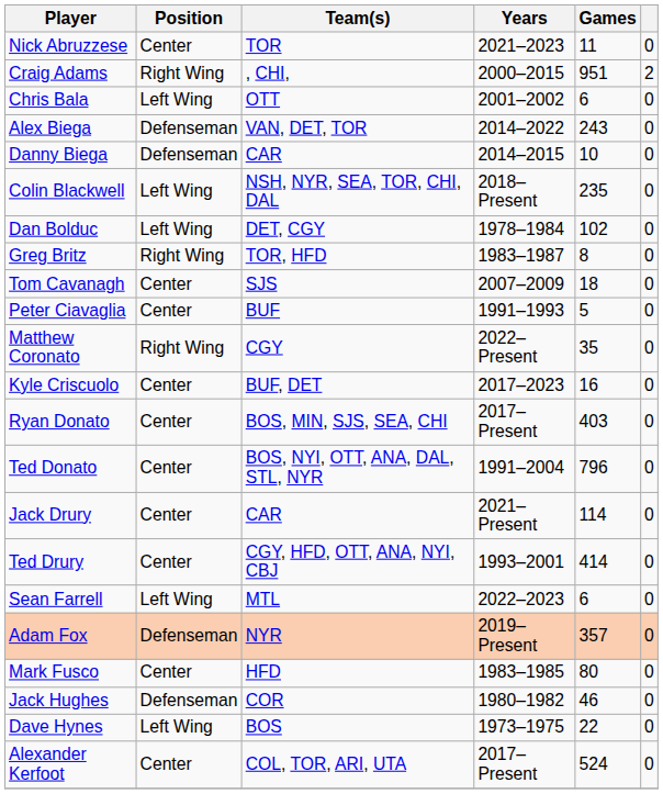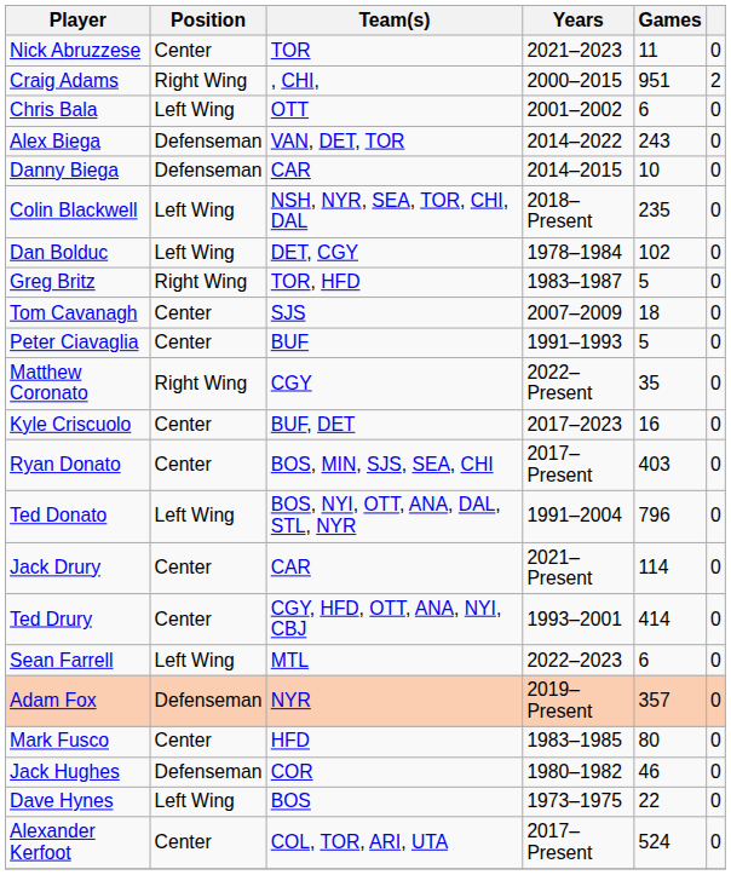 <table class="wikitable">
 <tr>
 <th>Player</th>
 <th>Position</th>
 <th>Team(s)</th>
 <th>Years</th>
 <th>Games</th>
 <th><a href='#'></a></th>
 </tr>
 <tr>
 <td><a href='#'>Nick Abruzzese</a></td>
 <td>Center</td>
 <td><a href='#'>TOR</a></td>
 <td>2021–2023</td>
 <td>11</td>
 <td>0</td>
 </tr>
 <tr>
 <td><a href='#'>Craig Adams</a></td>
 <td>Right Wing</td>
 <td><span><strong></strong></span>, <a href='#'>CHI</a>, <span><strong></strong></span></td>
 <td>2000–2015</td>
 <td>951</td>
 <td>2</td>
 </tr>
 <tr>
 <td><a href='#'>Chris Bala</a></td>
 <td>Left Wing</td>
 <td><a href='#'>OTT</a></td>
 <td>2001–2002</td>
 <td>6</td>
 <td>0</td>
 </tr>
 <tr>
 <td><a href='#'>Alex Biega</a></td>
 <td>Defenseman</td>
 <td><a href='#'>VAN</a>, <a href='#'>DET</a>, <a href='#'>TOR</a></td>
 <td>2014–2022</td>
 <td>243</td>
 <td>0</td>
 </tr>
 <tr>
 <td><a href='#'>Danny Biega</a></td>
 <td>Defenseman</td>
 <td><a href='#'>CAR</a></td>
 <td>2014–2015</td>
 <td>10</td>
 <td>0</td>
 </tr>
 <tr>
 <td><a href='#'>Colin Blackwell</a></td>
 <td>Left Wing</td>
 <td><a href='#'>NSH</a>, <a href='#'>NYR</a>, <a href='#'>SEA</a>, <a href='#'>TOR</a>, <a href='#'>CHI</a>, <a href='#'>DAL</a></td>
 <td>2018–Present</td>
 <td>235</td>
 <td>0</td>
 </tr>
 <tr>
 <td><a href='#'>Dan Bolduc</a></td>
 <td>Left Wing</td>
 <td><a href='#'>DET</a>, <a href='#'>CGY</a></td>
 <td>1978–1984</td>
 <td>102</td>
 <td>0</td>
 </tr>
 <tr>
 <td><a href='#'>Greg Britz</a></td>
 <td>Right Wing</td>
 <td><a href='#'>TOR</a>, <a href='#'>HFD</a></td>
 <td>1983–1987</td>
-<td>8</td>
+<td>5</td>
 <td>0</td>
 </tr>
 <tr>
 <td><a href='#'>Tom Cavanagh</a></td>
 <td>Center</td>
 <td><a href='#'>SJS</a></td>
 <td>2007–2009</td>
 <td>18</td>
 <td>0</td>
 </tr>
 <tr>
 <td><a href='#'>Peter Ciavaglia</a></td>
 <td>Center</td>
 <td><a href='#'>BUF</a></td>
 <td>1991–1993</td>
 <td>5</td>
 <td>0</td>
 </tr>
 <tr>
 <td><a href='#'>Matthew Coronato</a></td>
 <td>Right Wing</td>
 <td><a href='#'>CGY</a></td>
 <td>2022–Present</td>
 <td>35</td>
 <td>0</td>
 </tr>
 <tr>
 <td><a href='#'>Kyle Criscuolo</a></td>
 <td>Center</td>
 <td><a href='#'>BUF</a>, <a href='#'>DET</a></td>
 <td>2017–2023</td>
 <td>16</td>
 <td>0</td>
 </tr>
 <tr>
 <td><a href='#'>Ryan Donato</a></td>
 <td>Center</td>
 <td><a href='#'>BOS</a>, <a href='#'>MIN</a>, <a href='#'>SJS</a>, <a href='#'>SEA</a>, <a href='#'>CHI</a></td>
 <td>2017–Present</td>
 <td>403</td>
 <td>0</td>
 </tr>
 <tr>
 <td><a href='#'>Ted Donato</a></td>
-<td>Center</td>
+<td>Left Wing</td>
 <td><a href='#'>BOS</a>, <a href='#'>NYI</a>, <a href='#'>OTT</a>, <a href='#'>ANA</a>, <a href='#'>DAL</a>, <a href='#'>STL</a>, <a href='#'>NYR</a></td>
 <td>1991–2004</td>
 <td>796</td>
 <td>0</td>
 </tr>
 <tr>
 <td><a href='#'>Jack Drury</a></td>
 <td>Center</td>
 <td><a href='#'>CAR</a></td>
 <td>2021–Present</td>
 <td>114</td>
 <td>0</td>
 </tr>
 <tr>
 <td><a href='#'>Ted Drury</a></td>
 <td>Center</td>
 <td><a href='#'>CGY</a>, <a href='#'>HFD</a>, <a href='#'>OTT</a>, <a href='#'>ANA</a>, <a href='#'>NYI</a>, <a href='#'>CBJ</a></td>
 <td>1993–2001</td>
 <td>414</td>
 <td>0</td>
 </tr>
 <tr>
 <td><a href='#'>Sean Farrell</a></td>
 <td>Left Wing</td>
 <td><a href='#'>MTL</a></td>
 <td>2022–2023</td>
 <td>6</td>
 <td>0</td>
 </tr>
 <tr bgcolor=FBCEB1>
 <td><a href='#'>Adam Fox</a></td>
 <td>Defenseman</td>
 <td><a href='#'>NYR</a></td>
 <td>2019–Present</td>
 <td>357</td>
 <td>0</td>
 </tr>
 <tr>
 <td><a href='#'>Mark Fusco</a></td>
 <td>Center</td>
 <td><a href='#'>HFD</a></td>
 <td>1983–1985</td>
 <td>80</td>
 <td>0</td>
 </tr>
 <tr>
 <td><a href='#'>Jack Hughes</a></td>
 <td>Defenseman</td>
 <td><a href='#'>COR</a></td>
 <td>1980–1982</td>
 <td>46</td>
 <td>0</td>
 </tr>
 <tr>
 <td><a href='#'>Dave Hynes</a></td>
 <td>Left Wing</td>
 <td><a href='#'>BOS</a></td>
 <td>1973–1975</td>
 <td>22</td>
 <td>0</td>
 </tr>
 <tr>
 <td><a href='#'>Alexander Kerfoot</a></td>
 <td>Center</td>
 <td><a href='#'>COL</a>, <a href='#'>TOR</a>, <a href='#'>ARI</a>, <a href='#'>UTA</a></td>
 <td>2017–Present</td>
 <td>524</td>
 <td>0</td>
 </tr>
 <tr>
 </tr>
 </table>
